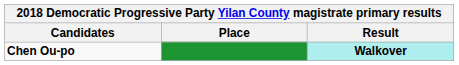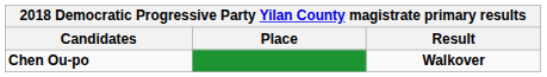 <table class="wikitable collapsible" style="margin:1em auto;">
 <tr>
 <th colspan="5" width=600>2018 Democratic Progressive Party <a href='#'>Yilan County</a> magistrate primary results</th>
 </tr>
 <tr>
 <th width=80>Candidates</th>
 <th width=80>Place</th>
 <th width=80>Result</th>
 </tr>
 <tr>
 <td><strong>Chen Ou-po</strong></td>
 <td style="background: #1B9431; text-align:center"><strong></strong></td>
-<td style="background: paleturquoise; text-align:center"><strong>Walkover</strong></td>
+<td style="text-align:center"><strong>Walkover</strong></td>
 </tr>
 </table>
